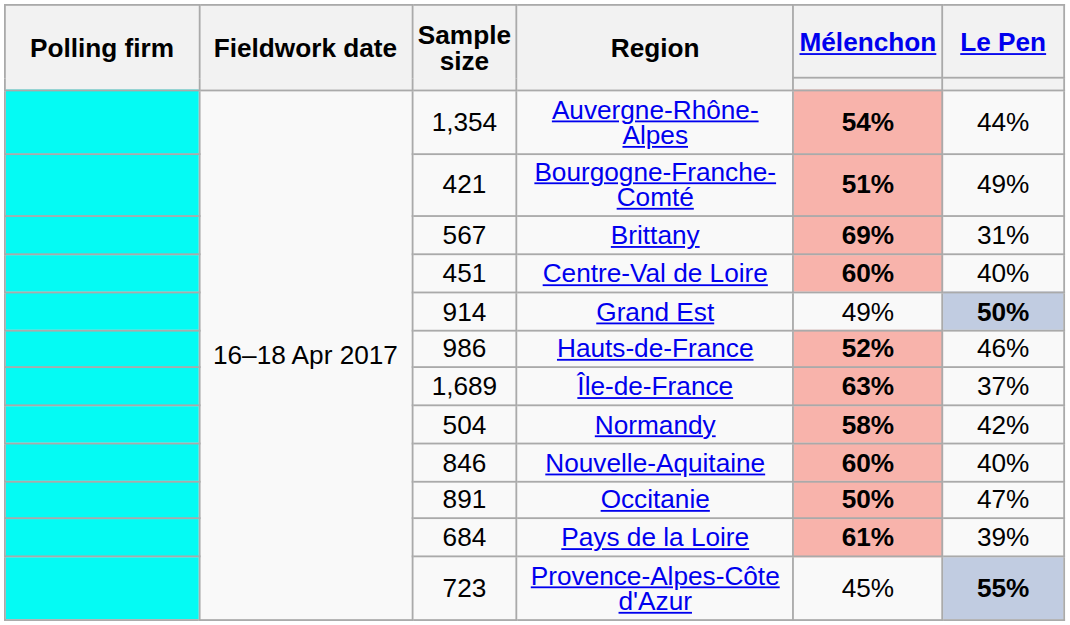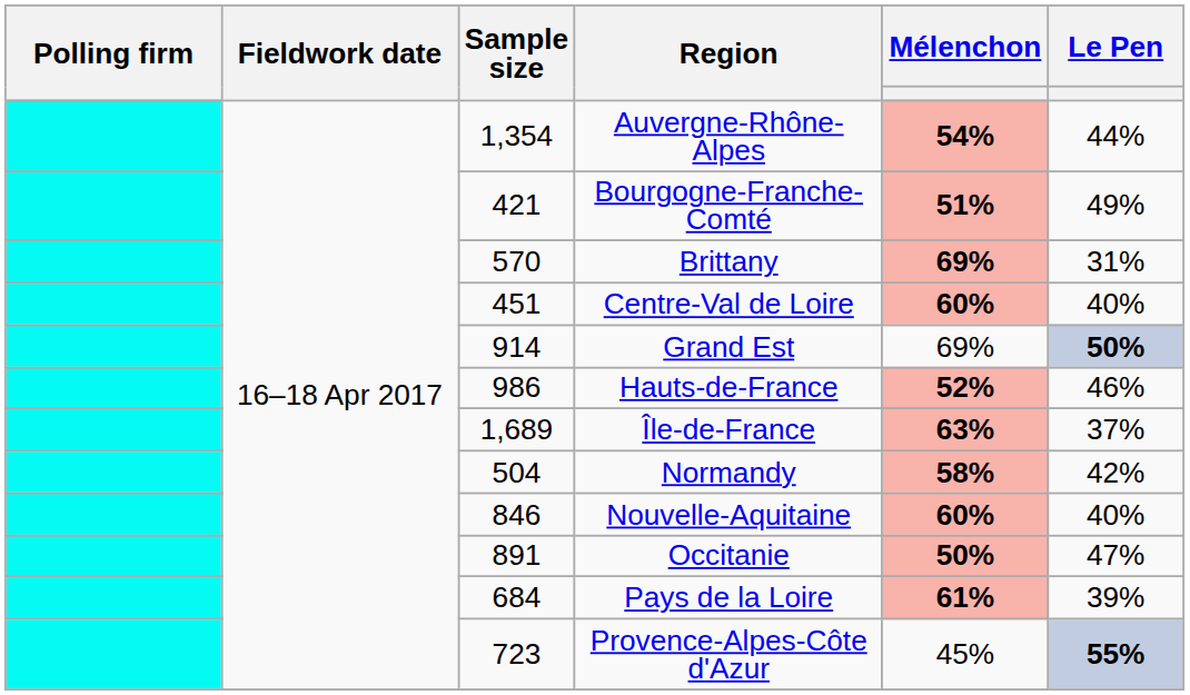 <table class="wikitable sortable" style="text-align:center;font-size:90%;line-height:14px;">
 <tr style="height:40px;">
 <th style="width:100px;" rowspan="2">Polling firm</th>
 <th style="width:110px;" rowspan="2">Fieldwork date</th>
 <th style="width:35px;" rowspan="2">Sample<br>size</th>
 <th style="width:145px;" rowspan="2">Region</th>
 <th class="unsortable" style="width:60px;"><a href='#'>Mélenchon</a><br></th>
 <th class="unsortable" style="width:60px;"><a href='#'>Le Pen</a><br></th>
 </tr>
 <tr>
 <th style="background:"></th>
 <th style="background:"></th>
 </tr>
 <tr>
 <td style="background:#04FBF4;"></td>
 <td rowspan="12" data-sort-value="2017-04-18">16–18 Apr 2017</td>
 <td>1,354</td>
 <td><a href='#'>Auvergne-Rhône-Alpes</a></td>
 <td style="background:#F8B3AB;"><strong>54%</strong></td>
 <td>44%</td>
 </tr>
 <tr>
 <td style="background:#04FBF4;"></td>
 <td>421</td>
 <td><a href='#'>Bourgogne-Franche-Comté</a></td>
 <td style="background:#F8B3AB;"><strong>51%</strong></td>
 <td>49%</td>
 </tr>
 <tr>
 <td style="background:#04FBF4;"></td>
-<td>567</td>
+<td>570</td>
 <td><a href='#'>Brittany</a></td>
 <td style="background:#F8B3AB;"><strong>69%</strong></td>
 <td>31%</td>
 </tr>
 <tr>
 <td style="background:#04FBF4;"></td>
 <td>451</td>
 <td><a href='#'>Centre-Val de Loire</a></td>
 <td style="background:#F8B3AB;"><strong>60%</strong></td>
 <td>40%</td>
 </tr>
 <tr>
 <td style="background:#04FBF4;"></td>
 <td>914</td>
 <td><a href='#'>Grand Est</a></td>
-<td>49%</td>
+<td>69%</td>
 <td style="background:#C1CCE1;"><strong>50%</strong></td>
 </tr>
 <tr>
 <td style="background:#04FBF4;"></td>
 <td>986</td>
 <td><a href='#'>Hauts-de-France</a></td>
 <td style="background:#F8B3AB;"><strong>52%</strong></td>
 <td>46%</td>
 </tr>
 <tr>
 <td style="background:#04FBF4;"></td>
 <td>1,689</td>
 <td><a href='#'>Île-de-France</a></td>
 <td style="background:#F8B3AB;"><strong>63%</strong></td>
 <td>37%</td>
 </tr>
 <tr>
 <td style="background:#04FBF4;"></td>
 <td>504</td>
 <td><a href='#'>Normandy</a></td>
 <td style="background:#F8B3AB;"><strong>58%</strong></td>
 <td>42%</td>
 </tr>
 <tr>
 <td style="background:#04FBF4;"></td>
 <td>846</td>
 <td><a href='#'>Nouvelle-Aquitaine</a></td>
 <td style="background:#F8B3AB;"><strong>60%</strong></td>
 <td>40%</td>
 </tr>
 <tr>
 <td style="background:#04FBF4;"></td>
 <td>891</td>
 <td><a href='#'>Occitanie</a></td>
 <td style="background:#F8B3AB;"><strong>50%</strong></td>
 <td>47%</td>
 </tr>
 <tr>
 <td style="background:#04FBF4;"></td>
 <td>684</td>
 <td><a href='#'>Pays de la Loire</a></td>
 <td style="background:#F8B3AB;"><strong>61%</strong></td>
 <td>39%</td>
 </tr>
 <tr>
 <td style="background:#04FBF4;"></td>
 <td>723</td>
 <td><a href='#'>Provence-Alpes-Côte d'Azur</a></td>
 <td>45%</td>
 <td style="background:#C1CCE1;"><strong>55%</strong></td>
 </tr>
 </table>
